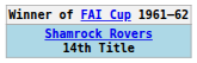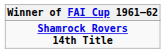 <table class="wikitable" style="text-align: center; margin: 0 auto;">
 <tr>
 <th>Winner of <a href='#'>FAI Cup</a> 1961–62</th>
 </tr>
 <tr>
 </tr>
 <tr>
-<td style="background: lightblue;"><strong><a href='#'>Shamrock Rovers</a></strong><br><strong>14th Title</strong></td>
+<td><strong><a href='#'>Shamrock Rovers</a></strong><br><strong>14th Title</strong></td>
 </tr>
 </table>
